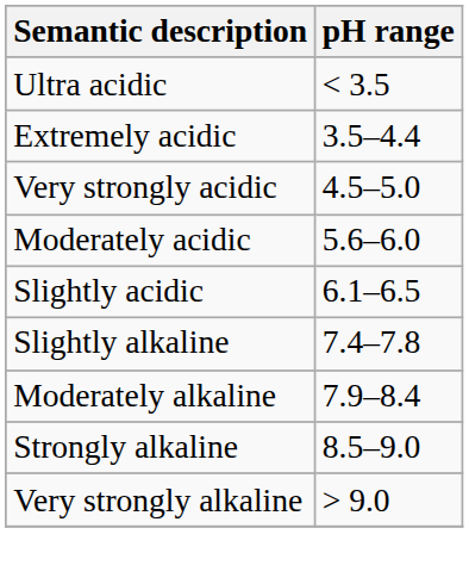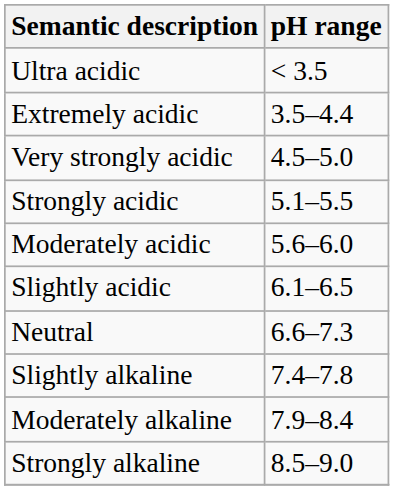 <table class="wikitable" style="align: center;">
 <tr>
 <th>Semantic description</th>
 <th>pH range</th>
 </tr>
 <tr>
 <td>Ultra acidic</td>
 <td>< 3.5</td>
 </tr>
 <tr>
 <td>Extremely acidic</td>
 <td>3.5–4.4</td>
 </tr>
 <tr>
 <td>Very strongly acidic</td>
 <td>4.5–5.0</td>
 </tr>
 <tr>
+<td>Strongly acidic</td>
+<td>5.1–5.5</td>
+</tr>
+<tr>
 <td>Moderately acidic</td>
 <td>5.6–6.0</td>
 </tr>
 <tr>
 <td>Slightly acidic</td>
 <td>6.1–6.5</td>
+</tr>
+<tr>
+<td>Neutral</td>
+<td>6.6–7.3</td>
 </tr>
 <tr>
 <td>Slightly alkaline</td>
 <td>7.4–7.8</td>
 </tr>
 <tr>
 <td>Moderately alkaline</td>
 <td>7.9–8.4</td>
 </tr>
 <tr>
 <td>Strongly alkaline</td>
 <td>8.5–9.0</td>
 </tr>
 <tr>
-<td>Very strongly alkaline</td>
-<td>> 9.0</td>
-</tr>
-<tr>
 </tr>
 </table>
